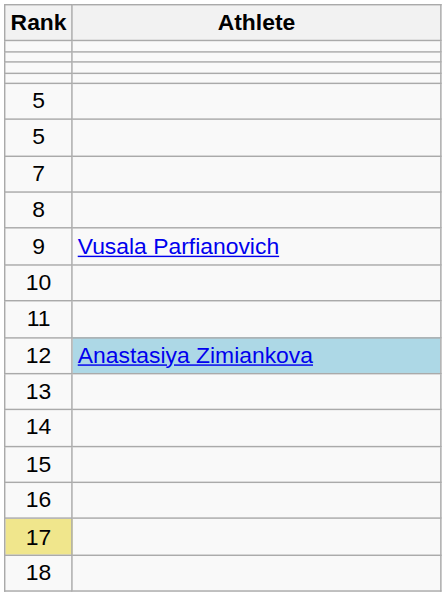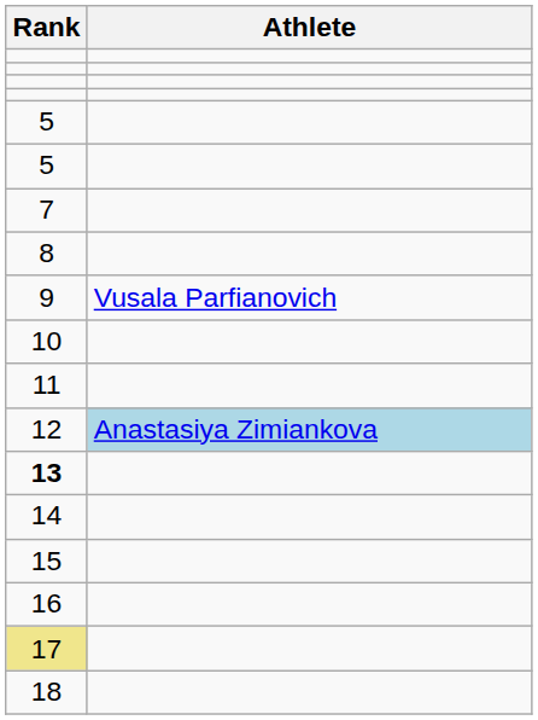 <table class="wikitable" style="text-align: center;">
 <tr>
 <th width=40>Rank</th>
 <th width=250>Athlete</th>
 </tr>
 <tr>
 <td></td>
 <td align="left"></td>
 </tr>
 <tr>
 <td></td>
 <td align="left"></td>
 </tr>
 <tr>
 <td></td>
 <td align="left"></td>
 </tr>
 <tr>
 <td></td>
 <td align="left"></td>
 </tr>
 <tr>
 <td>5</td>
 <td align="left"></td>
 </tr>
 <tr>
 <td>5</td>
 <td align="left"></td>
 </tr>
 <tr>
 <td>7</td>
 <td align="left"></td>
 </tr>
 <tr>
 <td>8</td>
 <td align="left"></td>
 </tr>
 <tr>
 <td>9</td>
 <td align="left"> <a href='#'>Vusala Parfianovich</a> </td>
 </tr>
 <tr>
 <td>10</td>
 <td align="left"></td>
 </tr>
 <tr>
 <td>11</td>
 <td align="left"></td>
 </tr>
 <tr>
 <td>12</td>
 <td align="left" style="background: lightblue;"> <a href='#'>Anastasiya Zimiankova</a> </td>
 </tr>
 <tr>
-<td>13</td>
+<td><strong>13</strong></td>
 <td align="left"></td>
 </tr>
 <tr>
 <td>14</td>
 <td align="left"></td>
 </tr>
 <tr>
 <td>15</td>
 <td align="left"></td>
 </tr>
 <tr>
 <td>16</td>
 <td align="left"></td>
 </tr>
 <tr>
 <td style="background: khaki;">17</td>
 <td align="left"></td>
 </tr>
 <tr>
 <td>18</td>
 <td align="left"></td>
 </tr>
 </table>
